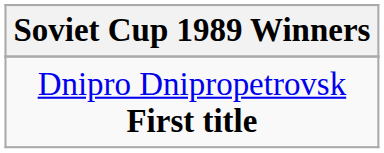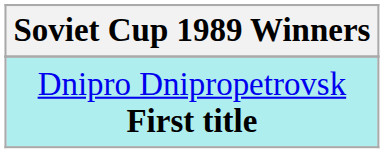 <table class="wikitable" style="text-align: center; margin: 0 auto;">
 <tr>
 <th>Soviet Cup 1989 Winners</th>
 </tr>
 <tr>
 </tr>
 <tr>
-<td><a href='#'>Dnipro Dnipropetrovsk</a><br><strong>First title</strong></td>
+<td style="background: paleturquoise;"><a href='#'>Dnipro Dnipropetrovsk</a><br><strong>First title</strong></td>
 </tr>
 </table>
